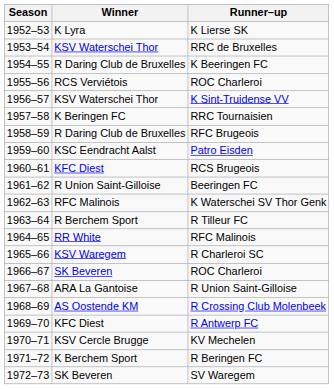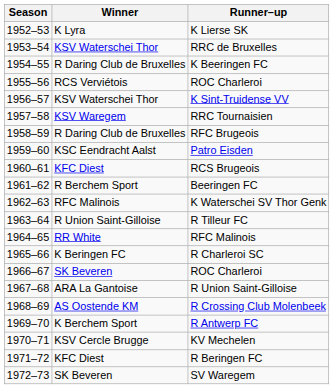 <table class="wikitable sortable" style="text–align:center;">
 <tr>
 <th>Season</th>
 <th>Winner</th>
 <th>Runner–up</th>
 </tr>
 <tr>
 <td>1952–53</td>
 <td>K Lyra</td>
 <td>K Lierse SK</td>
 </tr>
 <tr>
 <td>1953–54</td>
 <td><a href='#'>KSV Waterschei Thor</a></td>
 <td>RRC de Bruxelles</td>
 </tr>
 <tr>
 <td>1954–55</td>
 <td>R Daring Club de Bruxelles</td>
 <td>K Beeringen FC</td>
 </tr>
 <tr>
 <td>1955–56</td>
 <td>RCS Verviétois</td>
 <td>ROC Charleroi</td>
 </tr>
 <tr>
 <td>1956–57</td>
 <td>KSV Waterschei Thor</td>
 <td><a href='#'>K Sint-Truidense VV</a></td>
 </tr>
 <tr>
 <td>1957–58</td>
-<td>K Beringen FC</td>
+<td><a href='#'>KSV Waregem</a></td>
 <td>RRC Tournaisien</td>
 </tr>
 <tr>
 <td>1958–59</td>
 <td>R Daring Club de Bruxelles</td>
 <td>RFC Brugeois</td>
 </tr>
 <tr>
 <td>1959–60</td>
 <td>KSC Eendracht Aalst</td>
 <td><a href='#'>Patro Eisden</a></td>
 </tr>
 <tr>
 <td>1960–61</td>
 <td><a href='#'>KFC Diest</a></td>
 <td>RCS Brugeois</td>
 </tr>
 <tr>
 <td>1961–62</td>
-<td>R Union Saint-Gilloise</td>
+<td>R Berchem Sport</td>
 <td>Beeringen FC</td>
 </tr>
 <tr>
 <td>1962–63</td>
 <td>RFC Malinois</td>
 <td>K Waterschei SV Thor Genk</td>
 </tr>
 <tr>
 <td>1963–64</td>
-<td>R Berchem Sport</td>
+<td>R Union Saint-Gilloise</td>
 <td>R Tilleur FC</td>
 </tr>
 <tr>
 <td>1964–65</td>
 <td><a href='#'>RR White</a></td>
 <td>RFC Malinois</td>
 </tr>
 <tr>
 <td>1965–66</td>
-<td><a href='#'>KSV Waregem</a></td>
+<td>K Beringen FC</td>
 <td>R Charleroi SC</td>
 </tr>
 <tr>
 <td>1966–67</td>
 <td><a href='#'>SK Beveren</a></td>
 <td>ROC Charleroi</td>
 </tr>
 <tr>
 <td>1967–68</td>
 <td>ARA La Gantoise</td>
 <td>R Union Saint-Gilloise</td>
 </tr>
 <tr>
 <td>1968–69</td>
 <td><a href='#'>AS Oostende KM</a></td>
 <td><a href='#'>R Crossing Club Molenbeek</a></td>
 </tr>
 <tr>
 <td>1969–70</td>
-<td>KFC Diest</td>
+<td>K Berchem Sport</td>
 <td><a href='#'>R Antwerp FC</a></td>
 </tr>
 <tr>
 <td>1970–71</td>
 <td>KSV Cercle Brugge</td>
 <td>KV Mechelen</td>
 </tr>
 <tr>
 <td>1971–72</td>
-<td>K Berchem Sport</td>
+<td>KFC Diest</td>
 <td>R Beringen FC</td>
 </tr>
 <tr>
 <td>1972–73</td>
 <td>SK Beveren</td>
 <td>SV Waregem</td>
 </tr>
 </table>
